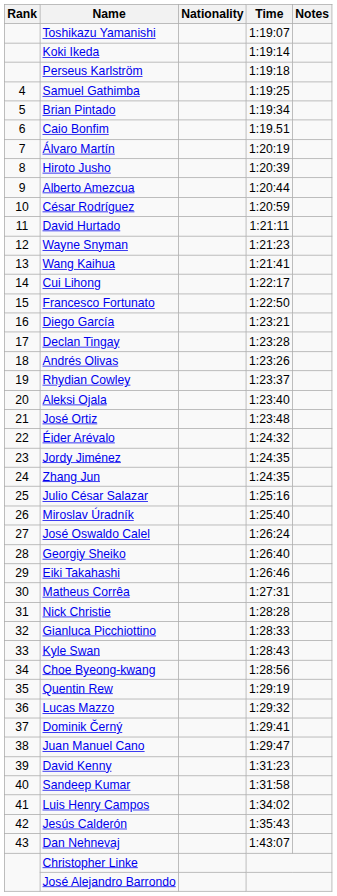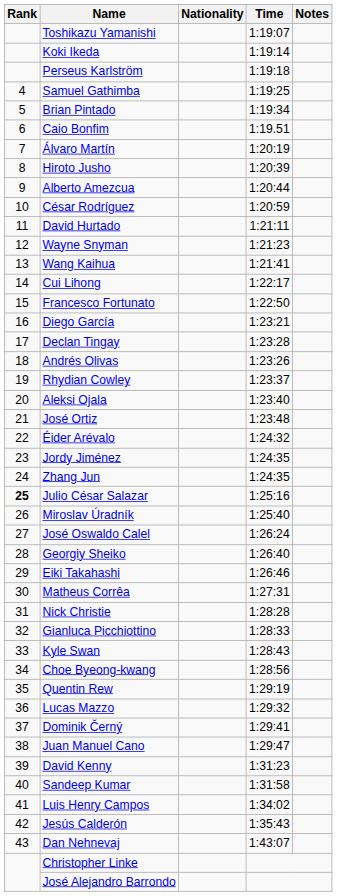 <table class="wikitable sortable" style="text-align:center">
 <tr>
 <th>Rank</th>
 <th>Name</th>
 <th>Nationality</th>
 <th>Time</th>
 <th>Notes</th>
 </tr>
 <tr>
 <td></td>
 <td align=left><a href='#'>Toshikazu Yamanishi</a></td>
 <td align=left></td>
 <td>1:19:07</td>
 <td></td>
 </tr>
 <tr>
 <td></td>
 <td align=left><a href='#'>Koki Ikeda</a></td>
 <td align=left></td>
 <td>1:19:14</td>
 <td></td>
 </tr>
 <tr>
 <td></td>
 <td align=left><a href='#'>Perseus Karlström</a></td>
 <td align=left></td>
 <td>1:19:18</td>
 <td></td>
 </tr>
 <tr>
 <td>4</td>
 <td align=left><a href='#'>Samuel Gathimba</a></td>
 <td align=left></td>
 <td>1:19:25</td>
 <td></td>
 </tr>
 <tr>
 <td>5</td>
 <td align=left><a href='#'>Brian Pintado</a></td>
 <td align=left></td>
 <td>1:19:34</td>
 <td></td>
 </tr>
 <tr>
 <td>6</td>
 <td align=left><a href='#'>Caio Bonfim</a></td>
 <td align=left></td>
 <td>1:19.51</td>
 <td></td>
 </tr>
 <tr>
 <td>7</td>
 <td align=left><a href='#'>Álvaro Martín</a></td>
 <td align=left></td>
 <td>1:20:19</td>
 <td></td>
 </tr>
 <tr>
 <td>8</td>
 <td align=left><a href='#'>Hiroto Jusho</a></td>
 <td align=left></td>
 <td>1:20:39</td>
 <td></td>
 </tr>
 <tr>
 <td>9</td>
 <td align=left><a href='#'>Alberto Amezcua</a></td>
 <td align=left></td>
 <td>1:20:44</td>
 <td></td>
 </tr>
 <tr>
 <td>10</td>
 <td align=left><a href='#'>César Rodríguez</a></td>
 <td align=left></td>
 <td>1:20:59</td>
 <td></td>
 </tr>
 <tr>
 <td>11</td>
 <td align=left><a href='#'>David Hurtado</a></td>
 <td align=left></td>
 <td>1:21:11</td>
 <td></td>
 </tr>
 <tr>
 <td>12</td>
 <td align=left><a href='#'>Wayne Snyman</a></td>
 <td align=left></td>
 <td>1:21:23</td>
 <td></td>
 </tr>
 <tr>
 <td>13</td>
 <td align=left><a href='#'>Wang Kaihua</a></td>
 <td align=left></td>
 <td>1:21:41</td>
 <td></td>
 </tr>
 <tr>
 <td>14</td>
 <td align=left><a href='#'>Cui Lihong</a></td>
 <td align=left></td>
 <td>1:22:17</td>
 <td></td>
 </tr>
 <tr>
 <td>15</td>
 <td align=left><a href='#'>Francesco Fortunato</a></td>
 <td align=left></td>
 <td>1:22:50</td>
 <td></td>
 </tr>
 <tr>
 <td>16</td>
 <td align=left><a href='#'>Diego García</a></td>
 <td align=left></td>
 <td>1:23:21</td>
 <td></td>
 </tr>
 <tr>
 <td>17</td>
 <td align=left><a href='#'>Declan Tingay</a></td>
 <td align=left></td>
 <td>1:23:28</td>
 <td></td>
 </tr>
 <tr>
 <td>18</td>
 <td align=left><a href='#'>Andrés Olivas</a></td>
 <td align=left></td>
 <td>1:23:26</td>
 <td></td>
 </tr>
 <tr>
 <td>19</td>
 <td align=left><a href='#'>Rhydian Cowley</a></td>
 <td align=left></td>
 <td>1:23:37</td>
 <td></td>
 </tr>
 <tr>
 <td>20</td>
 <td align=left><a href='#'>Aleksi Ojala</a></td>
 <td align=left></td>
 <td>1:23:40</td>
 <td></td>
 </tr>
 <tr>
 <td>21</td>
 <td align=left><a href='#'>José Ortiz</a></td>
 <td align=left></td>
 <td>1:23:48</td>
 <td></td>
 </tr>
 <tr>
 <td>22</td>
 <td align=left><a href='#'>Éider Arévalo</a></td>
 <td align=left></td>
 <td>1:24:32</td>
 <td></td>
 </tr>
 <tr>
 <td>23</td>
 <td align=left><a href='#'>Jordy Jiménez</a></td>
 <td align=left></td>
 <td>1:24:35</td>
 <td></td>
 </tr>
 <tr>
 <td>24</td>
 <td align=left><a href='#'>Zhang Jun</a></td>
 <td align=left></td>
 <td>1:24:35</td>
 <td></td>
 </tr>
 <tr>
-<td>25</td>
+<td><strong>25</strong></td>
 <td align=left><a href='#'>Julio César Salazar</a></td>
 <td align=left></td>
 <td>1:25:16</td>
 <td></td>
 </tr>
 <tr>
 <td>26</td>
 <td align=left><a href='#'>Miroslav Úradník</a></td>
 <td align=left></td>
 <td>1:25:40</td>
 <td></td>
 </tr>
 <tr>
 <td>27</td>
 <td align=left><a href='#'>José Oswaldo Calel</a></td>
 <td align=left></td>
 <td>1:26:24</td>
 <td></td>
 </tr>
 <tr>
 <td>28</td>
 <td align=left><a href='#'>Georgiy Sheiko</a></td>
 <td align=left></td>
 <td>1:26:40</td>
 <td></td>
 </tr>
 <tr>
 <td>29</td>
 <td align=left><a href='#'>Eiki Takahashi</a></td>
 <td align=left></td>
 <td>1:26:46</td>
 <td></td>
 </tr>
 <tr>
 <td>30</td>
 <td align=left><a href='#'>Matheus Corrêa</a></td>
 <td align=left></td>
 <td>1:27:31</td>
 <td></td>
 </tr>
 <tr>
 <td>31</td>
 <td align=left><a href='#'>Nick Christie</a></td>
 <td align=left></td>
 <td>1:28:28</td>
 <td></td>
 </tr>
 <tr>
 <td>32</td>
 <td align=left><a href='#'>Gianluca Picchiottino</a></td>
 <td align=left></td>
 <td>1:28:33</td>
 <td></td>
 </tr>
 <tr>
 <td>33</td>
 <td align=left><a href='#'>Kyle Swan</a></td>
 <td align=left></td>
 <td>1:28:43</td>
 <td></td>
 </tr>
 <tr>
 <td>34</td>
 <td align=left><a href='#'>Choe Byeong-kwang</a></td>
 <td align=left></td>
 <td>1:28:56</td>
 <td></td>
 </tr>
 <tr>
 <td>35</td>
 <td align=left><a href='#'>Quentin Rew</a></td>
 <td align=left></td>
 <td>1:29:19</td>
 <td></td>
 </tr>
 <tr>
 <td>36</td>
 <td align=left><a href='#'>Lucas Mazzo</a></td>
 <td align=left></td>
 <td>1:29:32</td>
 <td></td>
 </tr>
 <tr>
 <td>37</td>
 <td align=left><a href='#'>Dominik Černý</a></td>
 <td align=left></td>
 <td>1:29:41</td>
 <td></td>
 </tr>
 <tr>
 <td>38</td>
 <td align=left><a href='#'>Juan Manuel Cano</a></td>
 <td align=left></td>
 <td>1:29:47</td>
 <td></td>
 </tr>
 <tr>
 <td>39</td>
 <td align=left><a href='#'>David Kenny</a></td>
 <td align=left></td>
 <td>1:31:23</td>
 <td></td>
 </tr>
 <tr>
 <td>40</td>
 <td align=left><a href='#'>Sandeep Kumar</a></td>
 <td align=left></td>
 <td>1:31:58</td>
 <td></td>
 </tr>
 <tr>
 <td>41</td>
 <td align=left><a href='#'>Luis Henry Campos</a></td>
 <td align=left></td>
 <td>1:34:02</td>
 <td></td>
 </tr>
 <tr>
 <td>42</td>
 <td align=left><a href='#'>Jesús Calderón</a></td>
 <td align=left></td>
 <td>1:35:43</td>
 <td></td>
 </tr>
 <tr>
 <td>43</td>
 <td align=left><a href='#'>Dan Nehnevaj</a></td>
 <td align=left></td>
 <td>1:43:07</td>
 <td></td>
 </tr>
 <tr>
 <td rowspan=2></td>
 <td align=left><a href='#'>Christopher Linke</a></td>
 <td align=left></td>
 <td colspan=2></td>
 </tr>
 <tr>
 <td align=left><a href='#'>José Alejandro Barrondo</a></td>
 <td align=left></td>
 <td colspan=2></td>
 </tr>
 </table>
